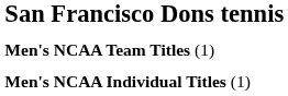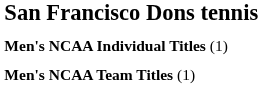 <table class="toccolours" style="margin:1em auto;" cellpadding="4" cellspacing="0">
 <tr>
 <td><strong>San Francisco Dons tennis</strong></td>
 </tr>
 <tr>
-<td style="font-size:11px; text-align:left;"><strong>Men's NCAA Team Titles</strong> (1)</td>
+<td style="font-size:11px; text-align:left;"><strong>Men's NCAA Individual Titles</strong> (1)</td>
 <td style="text-align:center;"></td>
 </tr>
 <tr 1949>
 </tr>
 <tr>
-<td style="font-size:11px; text-align:left;"><strong>Men's NCAA Individual Titles</strong> (1)</td>
+<td style="font-size:11px; text-align:left;"><strong>Men's NCAA Team Titles</strong> (1)</td>
 <td style="text-align:center;"></td>
 </tr>
 <tr 1948 (Harry Likas)>
 </tr>
 </table>
